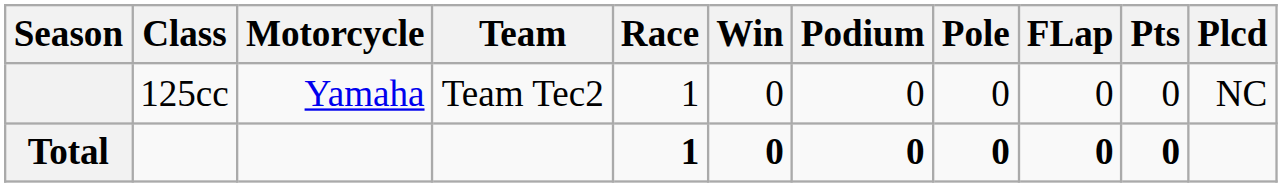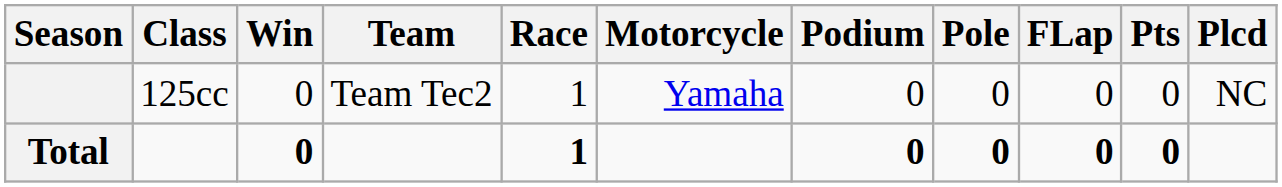 <table class="wikitable" style=text-align:right>
 <tr>
 <th>Season</th>
 <th>Class</th>
-<th>Motorcycle</th>
+<th>Win</th>
 <th>Team</th>
 <th>Race</th>
-<th>Win</th>
+<th>Motorcycle</th>
 <th>Podium</th>
 <th>Pole</th>
 <th>FLap</th>
 <th>Pts</th>
 <th>Plcd</th>
 </tr>
 <tr>
 <th></th>
 <td>125cc</td>
-<td><a href='#'>Yamaha</a></td>
+<td>0</td>
 <td>Team Tec2</td>
 <td>1</td>
-<td>0</td>
+<td><a href='#'>Yamaha</a></td>
 <td>0</td>
 <td>0</td>
 <td>0</td>
 <td>0</td>
 <td>NC</td>
 </tr>
 <tr>
 <th>Total</th>
 <td></td>
-<td></td>
+<td><strong>0</strong></td>
 <td></td>
 <td><strong>1</strong></td>
-<td><strong>0</strong></td>
+<td></td>
 <td><strong>0</strong></td>
 <td><strong>0</strong></td>
 <td><strong>0</strong></td>
 <td><strong>0</strong></td>
 <td></td>
 </tr>
 </table>
